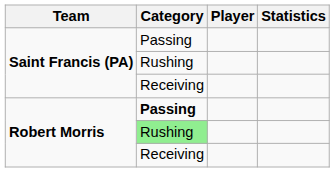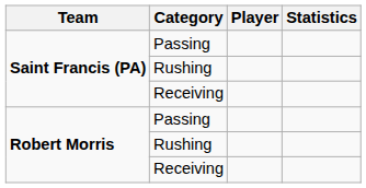 <table class="wikitable" style="float: right;">
 <tr>
 <th>Team</th>
 <th>Category</th>
 <th>Player</th>
 <th>Statistics</th>
 </tr>
 <tr>
 <td rowspan=3><strong>Saint Francis (PA)</strong></td>
 <td>Passing</td>
 <td></td>
 <td></td>
 </tr>
 <tr>
 <td>Rushing</td>
 <td></td>
 <td></td>
 </tr>
 <tr>
 <td>Receiving</td>
 <td></td>
 <td></td>
 </tr>
 <tr>
 <td rowspan=3><strong>Robert Morris</strong></td>
-<td><strong>Passing</strong></td>
+<td>Passing</td>
 <td></td>
 <td></td>
 </tr>
 <tr>
-<td style="background: lightgreen;">Rushing</td>
+<td>Rushing</td>
 <td></td>
 <td></td>
 </tr>
 <tr>
 <td>Receiving</td>
 <td></td>
 <td></td>
 </tr>
 </table>
